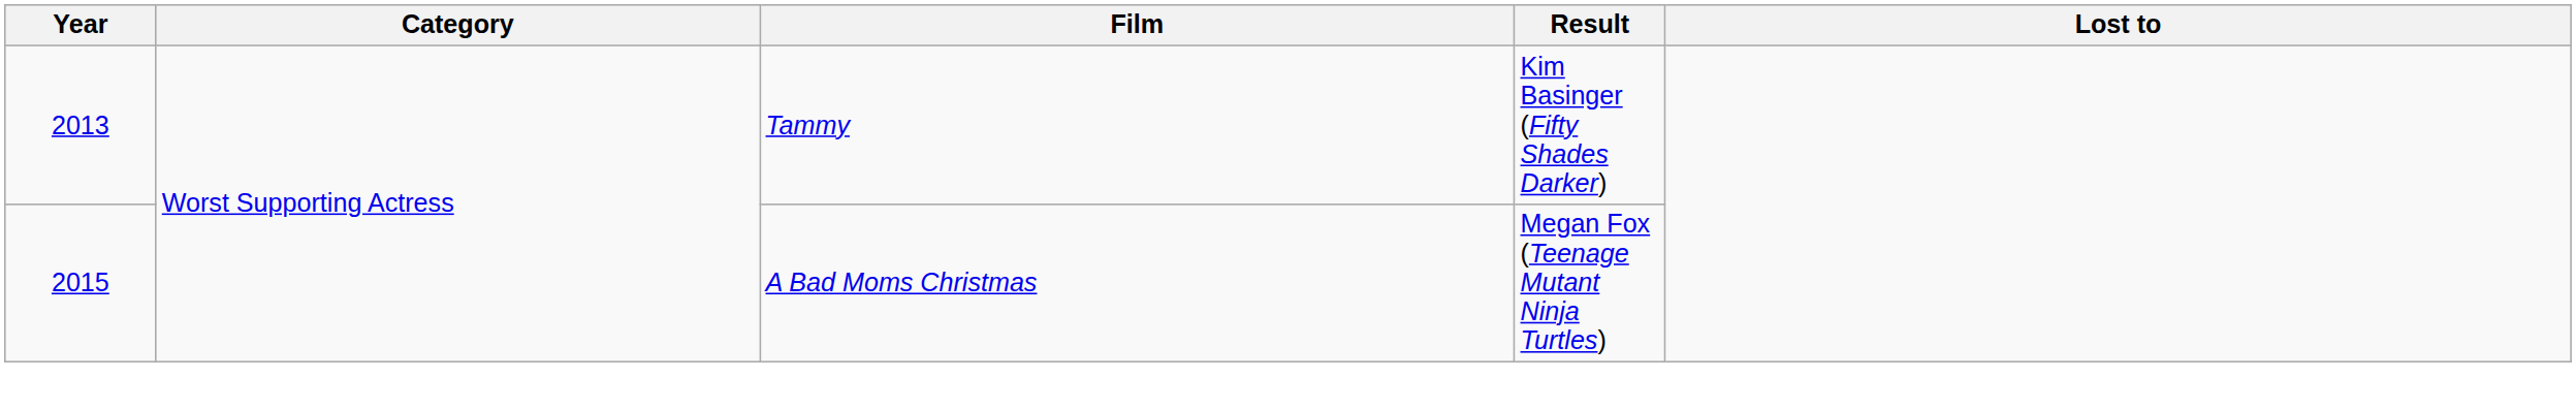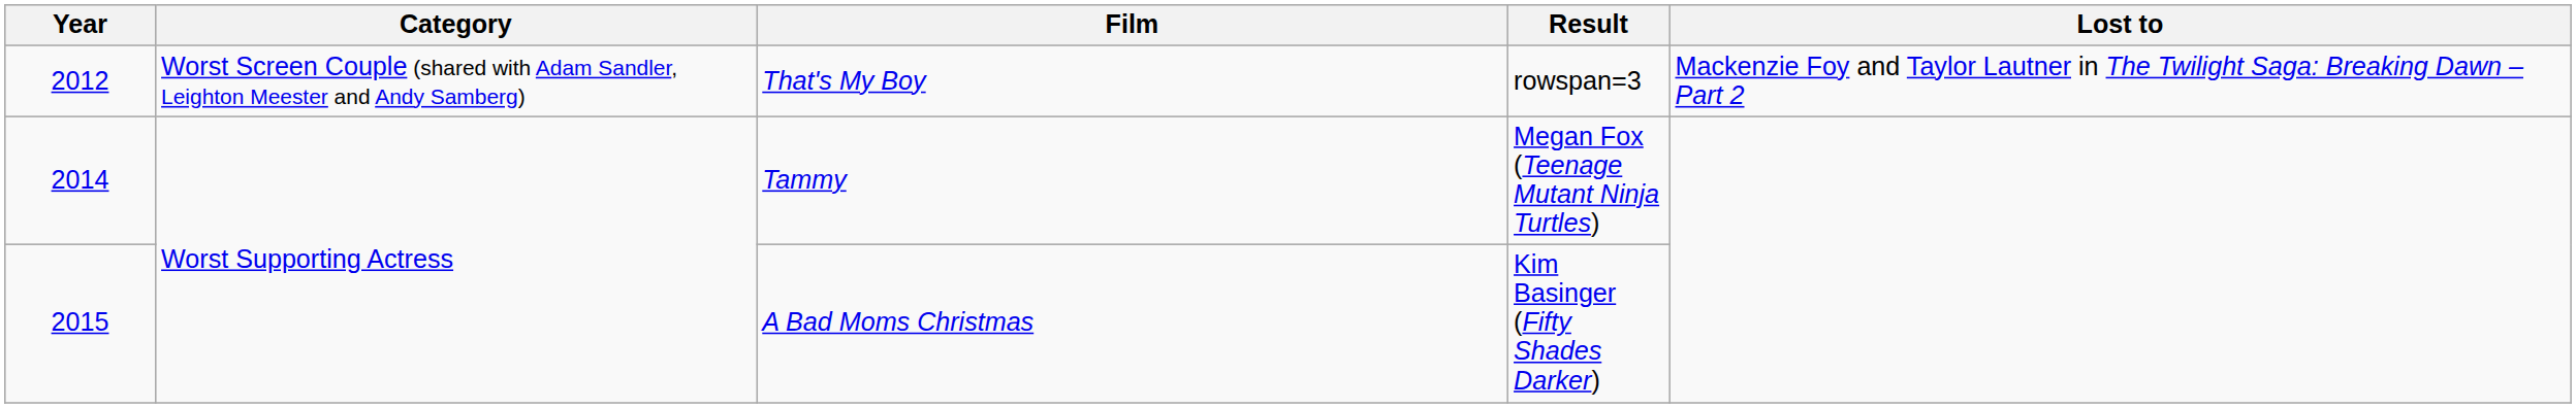 <table class="wikitable" width="100%" cellpadding="5">
 <tr>
 <th width="5%">Year</th>
 <th width="20%">Category</th>
 <th width="25%">Film</th>
 <th width="5%">Result</th>
 <th width="30%">Lost to</th>
 </tr>
 <tr>
-<td style="text-align:center;"><a href='#'>2013</a></td>
+<td style="text-align:center;"><a href='#'>2012</a></td>
+<td><a href='#'>Worst Screen Couple</a><small> (shared with <a href='#'>Adam Sandler</a>, <a href='#'>Leighton Meester</a> and <a href='#'>Andy Samberg</a>)</small></td>
+<td><em><a href='#'>That's My Boy</a></em></td>
+<td>rowspan=3 </td>
+<td><a href='#'>Mackenzie Foy</a> and <a href='#'>Taylor Lautner</a> in <em><a href='#'>The Twilight Saga: Breaking Dawn – Part 2</a></em></td>
+</tr>
+<tr>
+<td style="text-align:center;"><a href='#'>2014</a></td>
 <td rowspan="2"><a href='#'>Worst Supporting Actress</a></td>
 <td><em><a href='#'>Tammy</a></em></td>
-<td><a href='#'>Kim Basinger</a> (<em><a href='#'>Fifty Shades Darker</a></em>)</td>
+<td><a href='#'>Megan Fox</a> (<em><a href='#'>Teenage Mutant Ninja Turtles</a></em>)</td>
 </tr>
 <tr>
 <td style="text-align:center;"><a href='#'>2015</a></td>
 <td><em><a href='#'>A Bad Moms Christmas</a></em></td>
-<td><a href='#'>Megan Fox</a> (<em><a href='#'>Teenage Mutant Ninja Turtles</a></em>)</td>
+<td><a href='#'>Kim Basinger</a> (<em><a href='#'>Fifty Shades Darker</a></em>)</td>
 </tr>
 </table>
